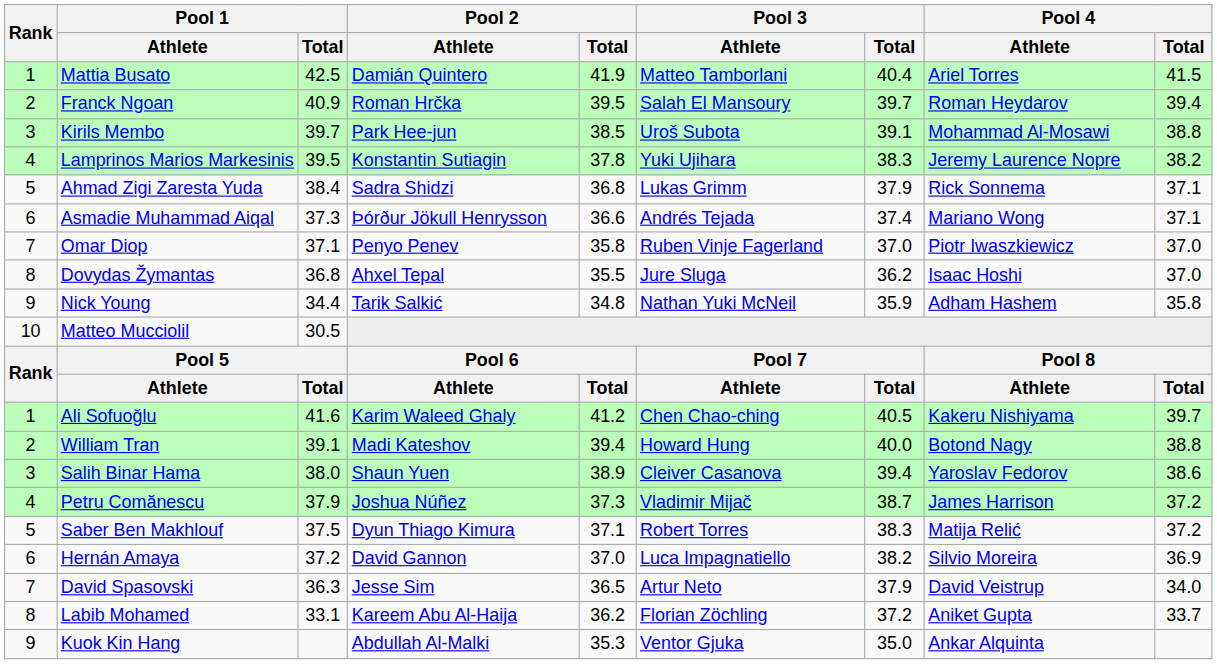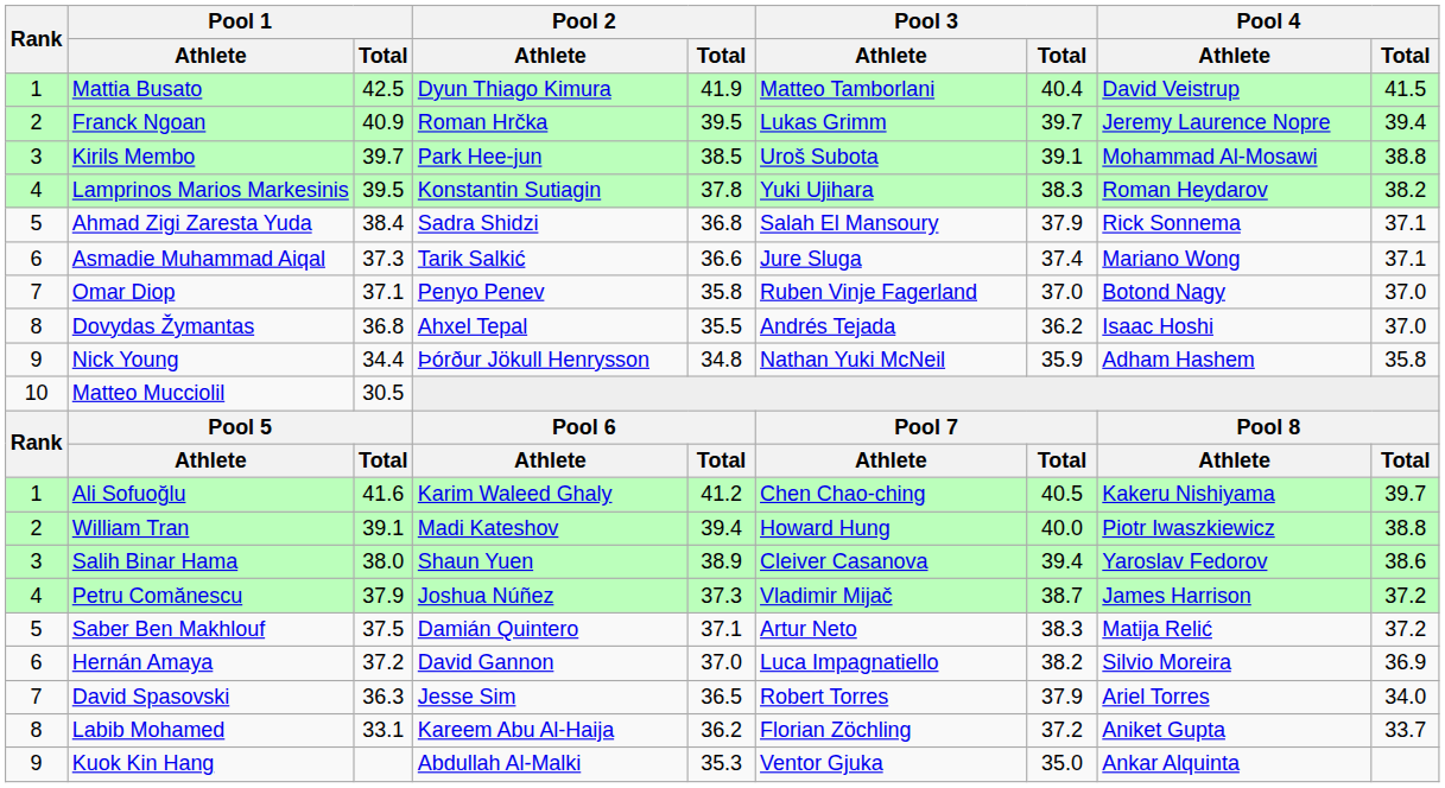 <table class="wikitable" style="text-align:center;">
 <tr>
 <th rowspan=2>Rank</th>
 <th colspan=2 width=250>Pool 1</th>
 <th colspan=2 width=250>Pool 2</th>
 <th colspan=2 width=250>Pool 3</th>
 <th colspan=2 width=250>Pool 4</th>
 </tr>
 <tr>
 <th>Athlete</th>
 <th>Total</th>
 <th>Athlete</th>
 <th>Total</th>
 <th>Athlete</th>
 <th>Total</th>
 <th>Athlete</th>
 <th>Total</th>
 </tr>
 <tr bgcolor=bbffbb>
 <td>1</td>
 <td align=left> <a href='#'>Mattia Busato</a></td>
 <td>42.5</td>
-<td align=left> <a href='#'>Damián Quintero</a></td>
+<td align=left> <a href='#'>Dyun Thiago Kimura</a></td>
 <td>41.9</td>
 <td align=left> <a href='#'>Matteo Tamborlani</a></td>
 <td>40.4</td>
-<td align=left> <a href='#'>Ariel Torres</a></td>
+<td align=left> <a href='#'>David Veistrup</a></td>
 <td>41.5</td>
 </tr>
 <tr bgcolor=bbffbb>
 <td>2</td>
 <td align=left> <a href='#'>Franck Ngoan</a></td>
 <td>40.9</td>
 <td align=left> <a href='#'>Roman Hrčka</a></td>
 <td>39.5</td>
-<td align=left> <a href='#'>Salah El Mansoury</a></td>
+<td align=left> <a href='#'>Lukas Grimm</a></td>
 <td>39.7</td>
-<td align=left> <a href='#'>Roman Heydarov</a></td>
+<td align=left> <a href='#'>Jeremy Laurence Nopre</a></td>
 <td>39.4</td>
 </tr>
 <tr bgcolor=bbffbb>
 <td>3</td>
 <td align=left> <a href='#'>Kirils Membo</a></td>
 <td>39.7</td>
 <td align=left> <a href='#'>Park Hee-jun</a></td>
 <td>38.5</td>
 <td align=left> <a href='#'>Uroš Subota</a></td>
 <td>39.1</td>
 <td align=left> <a href='#'>Mohammad Al-Mosawi</a></td>
 <td>38.8</td>
 </tr>
 <tr bgcolor=bbffbb>
 <td>4</td>
 <td align=left> <a href='#'>Lamprinos Marios Markesinis</a></td>
 <td>39.5</td>
 <td align=left> <a href='#'>Konstantin Sutiagin</a></td>
 <td>37.8</td>
 <td align=left> <a href='#'>Yuki Ujihara</a></td>
 <td>38.3</td>
-<td align=left> <a href='#'>Jeremy Laurence Nopre</a></td>
+<td align=left> <a href='#'>Roman Heydarov</a></td>
 <td>38.2</td>
 </tr>
 <tr>
 <td>5</td>
 <td align=left> <a href='#'>Ahmad Zigi Zaresta Yuda</a></td>
 <td>38.4</td>
 <td align=left> <a href='#'>Sadra Shidzi</a></td>
 <td>36.8</td>
-<td align=left> <a href='#'>Lukas Grimm</a></td>
+<td align=left> <a href='#'>Salah El Mansoury</a></td>
 <td>37.9</td>
 <td align=left> <a href='#'>Rick Sonnema</a></td>
 <td>37.1</td>
 </tr>
 <tr>
 <td>6</td>
 <td align=left> <a href='#'>Asmadie Muhammad Aiqal</a></td>
 <td>37.3</td>
-<td align=left> <a href='#'>Þórður Jökull Henrysson</a></td>
+<td align=left> <a href='#'>Tarik Salkić</a></td>
 <td>36.6</td>
-<td align=left> <a href='#'>Andrés Tejada</a></td>
+<td align=left> <a href='#'>Jure Sluga</a></td>
 <td>37.4</td>
 <td align=left> <a href='#'>Mariano Wong</a></td>
 <td>37.1</td>
 </tr>
 <tr>
 <td>7</td>
 <td align=left> <a href='#'>Omar Diop</a></td>
 <td>37.1</td>
 <td align=left> <a href='#'>Penyo Penev</a></td>
 <td>35.8</td>
 <td align=left> <a href='#'>Ruben Vinje Fagerland</a></td>
 <td>37.0</td>
-<td align=left> <a href='#'>Piotr Iwaszkiewicz</a></td>
+<td align=left> <a href='#'>Botond Nagy</a></td>
 <td>37.0</td>
 </tr>
 <tr>
 <td>8</td>
 <td align=left> <a href='#'>Dovydas Žymantas</a></td>
 <td>36.8</td>
 <td align=left> <a href='#'>Ahxel Tepal</a></td>
 <td>35.5</td>
-<td align=left> <a href='#'>Jure Sluga</a></td>
+<td align=left> <a href='#'>Andrés Tejada</a></td>
 <td>36.2</td>
 <td align=left> <a href='#'>Isaac Hoshi</a></td>
 <td>37.0</td>
 </tr>
 <tr>
 <td>9</td>
 <td align=left> <a href='#'>Nick Young</a></td>
 <td>34.4</td>
-<td align=left> <a href='#'>Tarik Salkić</a></td>
+<td align=left> <a href='#'>Þórður Jökull Henrysson</a></td>
 <td>34.8</td>
 <td align=left> <a href='#'>Nathan Yuki McNeil</a></td>
 <td>35.9</td>
 <td align=left> <a href='#'>Adham Hashem</a></td>
 <td>35.8</td>
 </tr>
 <tr>
 <td>10</td>
 <td align=left> <a href='#'>Matteo Mucciolil</a></td>
 <td>30.5</td>
 <td colspan=6 style="background:#eeeeee;"></td>
 </tr>
 <tr>
 <th rowspan=2>Rank</th>
 <th colspan=2 align=left>Pool 5</th>
 <th colspan=2 align=left>Pool 6</th>
 <th colspan=2 align=left>Pool 7</th>
 <th colspan=2 align=left>Pool 8</th>
 </tr>
 <tr>
 <th>Athlete</th>
 <th>Total</th>
 <th>Athlete</th>
 <th>Total</th>
 <th>Athlete</th>
 <th>Total</th>
 <th>Athlete</th>
 <th>Total</th>
 </tr>
 <tr bgcolor=bbffbb>
 <td>1</td>
 <td align=left> <a href='#'>Ali Sofuoğlu</a></td>
 <td>41.6</td>
 <td align=left> <a href='#'>Karim Waleed Ghaly</a></td>
 <td>41.2</td>
 <td align=left> <a href='#'>Chen Chao-ching</a></td>
 <td>40.5</td>
 <td align=left> <a href='#'>Kakeru Nishiyama</a></td>
 <td>39.7</td>
 </tr>
 <tr bgcolor=bbffbb>
 <td>2</td>
 <td align=left> <a href='#'>William Tran</a></td>
 <td>39.1</td>
 <td align=left> <a href='#'>Madi Kateshov</a></td>
 <td>39.4</td>
 <td align=left> <a href='#'>Howard Hung</a></td>
 <td>40.0</td>
-<td align=left> <a href='#'>Botond Nagy</a></td>
+<td align=left> <a href='#'>Piotr Iwaszkiewicz</a></td>
 <td>38.8</td>
 </tr>
 <tr bgcolor=bbffbb>
 <td>3</td>
 <td align=left> <a href='#'>Salih Binar Hama</a></td>
 <td>38.0</td>
 <td align=left> <a href='#'>Shaun Yuen</a></td>
 <td>38.9</td>
 <td align=left> <a href='#'>Cleiver Casanova</a></td>
 <td>39.4</td>
 <td align=left> <a href='#'>Yaroslav Fedorov</a></td>
 <td>38.6</td>
 </tr>
 <tr bgcolor=bbffbb>
 <td>4</td>
 <td align=left> <a href='#'>Petru Comănescu</a></td>
 <td>37.9</td>
 <td align=left> <a href='#'>Joshua Núñez</a></td>
 <td>37.3</td>
 <td align=left> <a href='#'>Vladimir Mijač</a></td>
 <td>38.7</td>
 <td align=left> <a href='#'>James Harrison</a></td>
 <td>37.2</td>
 </tr>
 <tr>
 <td>5</td>
 <td align=left> <a href='#'>Saber Ben Makhlouf</a></td>
 <td>37.5</td>
-<td align=left> <a href='#'>Dyun Thiago Kimura</a></td>
+<td align=left> <a href='#'>Damián Quintero</a></td>
 <td>37.1</td>
-<td align=left> <a href='#'>Robert Torres</a></td>
+<td align=left> <a href='#'>Artur Neto</a></td>
 <td>38.3</td>
 <td align=left> <a href='#'>Matija Relić</a></td>
 <td>37.2</td>
 </tr>
 <tr>
 <td>6</td>
 <td align=left> <a href='#'>Hernán Amaya</a></td>
 <td>37.2</td>
 <td align=left> <a href='#'>David Gannon</a></td>
 <td>37.0</td>
 <td align=left> <a href='#'>Luca Impagnatiello</a></td>
 <td>38.2</td>
 <td align=left> <a href='#'>Silvio Moreira</a></td>
 <td>36.9</td>
 </tr>
 <tr>
 <td>7</td>
 <td align=left> <a href='#'>David Spasovski</a></td>
 <td>36.3</td>
 <td align=left> <a href='#'>Jesse Sim</a></td>
 <td>36.5</td>
-<td align=left> <a href='#'>Artur Neto</a></td>
+<td align=left> <a href='#'>Robert Torres</a></td>
 <td>37.9</td>
-<td align=left> <a href='#'>David Veistrup</a></td>
+<td align=left> <a href='#'>Ariel Torres</a></td>
 <td>34.0</td>
 </tr>
 <tr>
 <td>8</td>
 <td align=left> <a href='#'>Labib Mohamed</a></td>
 <td>33.1</td>
 <td align=left> <a href='#'>Kareem Abu Al-Haija</a></td>
 <td>36.2</td>
 <td align=left> <a href='#'>Florian Zöchling</a></td>
 <td>37.2</td>
 <td align=left> <a href='#'>Aniket Gupta</a></td>
 <td>33.7</td>
 </tr>
 <tr>
 <td>9</td>
 <td align=left> <a href='#'>Kuok Kin Hang</a></td>
 <td></td>
 <td align=left> <a href='#'>Abdullah Al-Malki</a></td>
 <td>35.3</td>
 <td align=left> <a href='#'>Ventor Gjuka</a></td>
 <td>35.0</td>
 <td align=left> <a href='#'>Ankar Alquinta</a></td>
 <td></td>
 </tr>
 </table>
